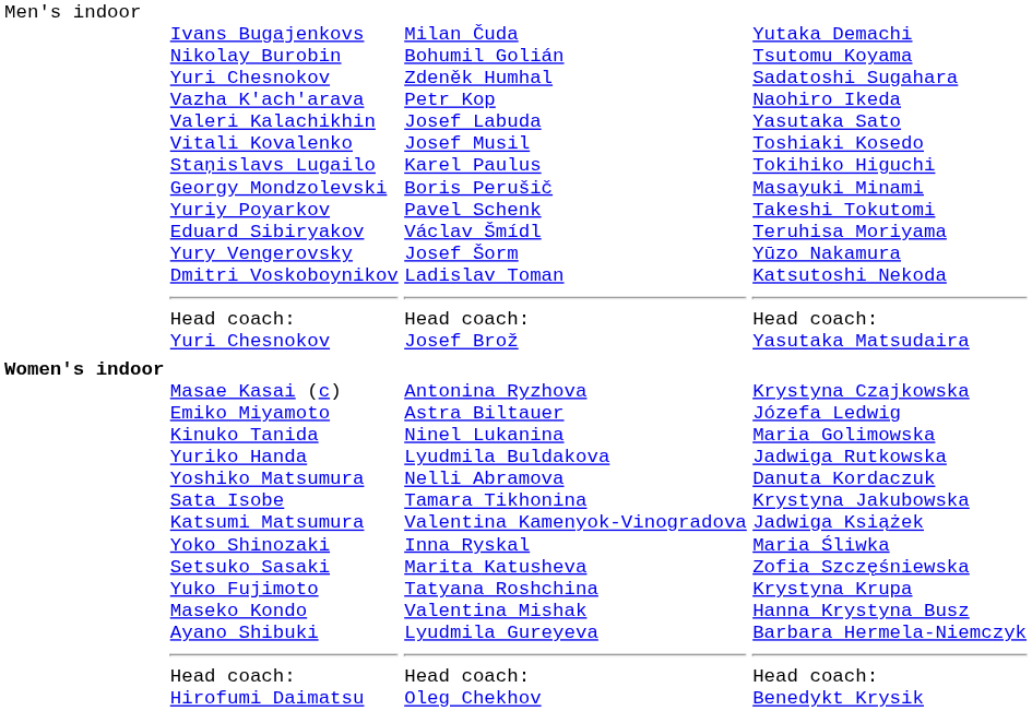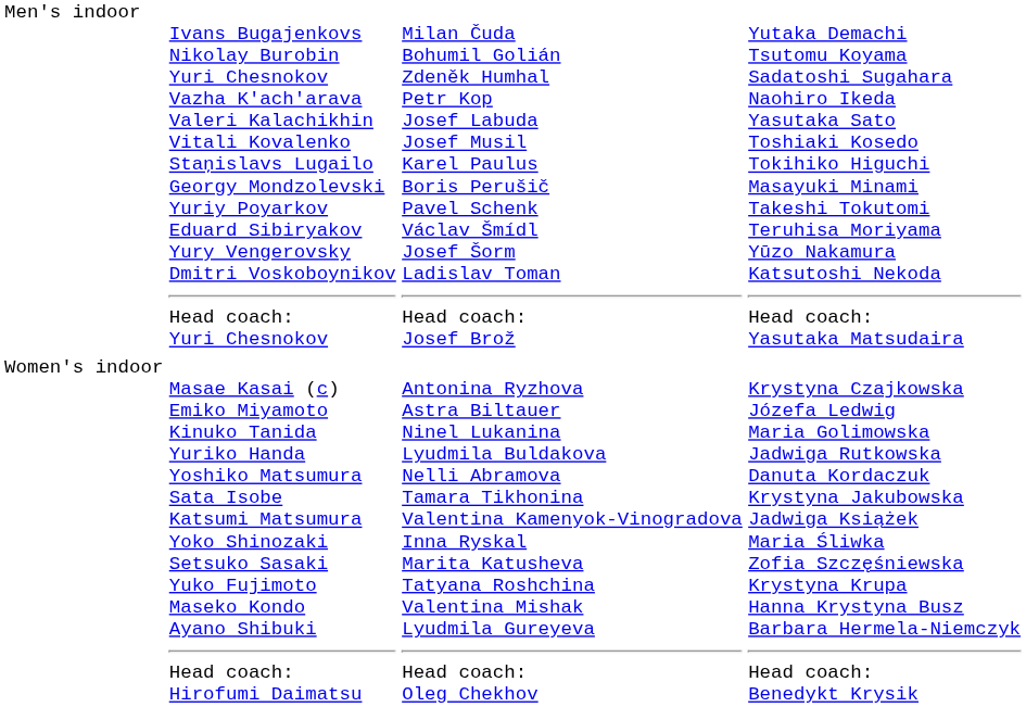 <table>
 <tr valign="top">
 <td>Men's indoor<br></td>
 <td valign=top><br><a href='#'>Ivans Bugajenkovs</a><br><a href='#'>Nikolay Burobin</a><br><a href='#'>Yuri Chesnokov</a><br><a href='#'>Vazha K'ach'arava</a><br><a href='#'>Valeri Kalachikhin</a><br><a href='#'>Vitali Kovalenko</a><br><a href='#'>Staņislavs Lugailo</a><br><a href='#'>Georgy Mondzolevski</a><br><a href='#'>Yuriy Poyarkov</a><br><a href='#'>Eduard Sibiryakov</a><br><a href='#'>Yury Vengerovsky</a><br><a href='#'>Dmitri Voskoboynikov</a><br><hr>Head coach:<br><a href='#'>Yuri Chesnokov</a></td>
 <td valign=top><br><a href='#'>Milan Čuda</a><br><a href='#'>Bohumil Golián</a><br><a href='#'>Zdeněk Humhal</a><br><a href='#'>Petr Kop</a><br><a href='#'>Josef Labuda</a><br><a href='#'>Josef Musil</a><br><a href='#'>Karel Paulus</a><br><a href='#'>Boris Perušič</a><br><a href='#'>Pavel Schenk</a><br><a href='#'>Václav Šmídl</a><br><a href='#'>Josef Šorm</a><br><a href='#'>Ladislav Toman</a><br><hr>Head coach:<br><a href='#'>Josef Brož</a></td>
 <td valign=top><br><a href='#'>Yutaka Demachi</a><br><a href='#'>Tsutomu Koyama</a><br><a href='#'>Sadatoshi Sugahara</a><br><a href='#'>Naohiro Ikeda</a><br><a href='#'>Yasutaka Sato</a><br><a href='#'>Toshiaki Kosedo</a><br><a href='#'>Tokihiko Higuchi</a><br><a href='#'>Masayuki Minami</a><br><a href='#'>Takeshi Tokutomi</a><br><a href='#'>Teruhisa Moriyama</a><br><a href='#'>Yūzo Nakamura</a><br><a href='#'>Katsutoshi Nekoda</a><br><hr>Head coach:<br><a href='#'>Yasutaka Matsudaira</a></td>
 </tr>
 <tr valign="top">
-<td><strong>Women's indoor<br></strong></td>
+<td>Women's indoor<br></td>
 <td valign=top><br><a href='#'>Masae Kasai</a> (<a href='#'>c</a>)<br><a href='#'>Emiko Miyamoto</a><br><a href='#'>Kinuko Tanida</a><br><a href='#'>Yuriko Handa</a><br><a href='#'>Yoshiko Matsumura</a><br><a href='#'>Sata Isobe</a><br><a href='#'>Katsumi Matsumura</a><br><a href='#'>Yoko Shinozaki</a><br><a href='#'>Setsuko Sasaki</a><br><a href='#'>Yuko Fujimoto</a><br><a href='#'>Maseko Kondo</a><br><a href='#'>Ayano Shibuki</a><br><hr>Head coach:<br><a href='#'>Hirofumi Daimatsu</a></td>
 <td valign=top><br><a href='#'>Antonina Ryzhova</a><br><a href='#'>Astra Biltauer</a><br><a href='#'>Ninel Lukanina</a><br><a href='#'>Lyudmila Buldakova</a><br><a href='#'>Nelli Abramova</a><br><a href='#'>Tamara Tikhonina</a><br><a href='#'>Valentina Kamenyok-Vinogradova</a><br><a href='#'>Inna Ryskal</a><br><a href='#'>Marita Katusheva</a><br><a href='#'>Tatyana Roshchina</a><br><a href='#'>Valentina Mishak</a><br><a href='#'>Lyudmila Gureyeva</a><br><hr>Head coach:<br><a href='#'>Oleg Chekhov</a></td>
 <td valign=top><br><a href='#'>Krystyna Czajkowska</a><br><a href='#'>Józefa Ledwig</a><br><a href='#'>Maria Golimowska</a><br><a href='#'>Jadwiga Rutkowska</a><br><a href='#'>Danuta Kordaczuk</a><br><a href='#'>Krystyna Jakubowska</a><br><a href='#'>Jadwiga Książek</a><br><a href='#'>Maria Śliwka</a><br><a href='#'>Zofia Szczęśniewska</a><br><a href='#'>Krystyna Krupa</a><br><a href='#'>Hanna Krystyna Busz</a><br><a href='#'>Barbara Hermela-Niemczyk</a><br><hr>Head coach:<br><a href='#'>Benedykt Krysik</a></td>
 </tr>
 </table>
